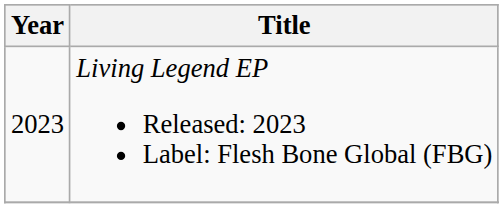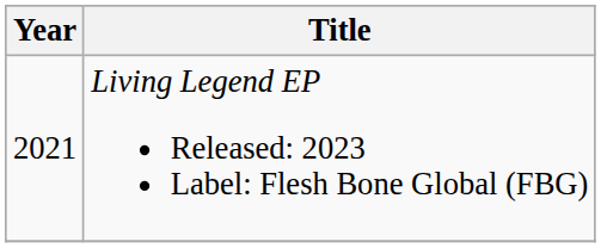 <table class="wikitable">
 <tr>
 <th>Year</th>
 <th>Title</th>
 </tr>
 <tr>
-<td>2023</td>
+<td>2021</td>
 <td><em>Living Legend EP</em><br><ul><li>Released: 2023</li><li>Label: Flesh Bone Global (FBG)</li></ul></td>
 </tr>
 <tr>
 </tr>
 <tr>
 </tr>
 </table>
